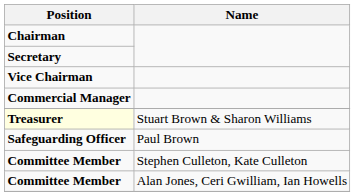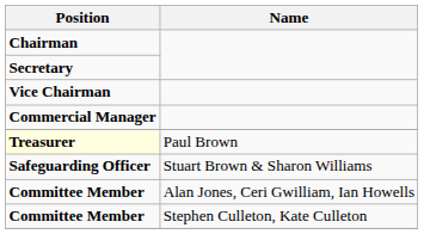 <table class="wikitable">
 <tr>
 <th>Position</th>
 <th>Name</th>
 </tr>
 <tr>
 <td><strong>Chairman</strong></td>
 </tr>
 <tr>
 <td><strong>Secretary</strong></td>
 </tr>
 <tr>
 <td><strong>Vice Chairman</strong></td>
 <td></td>
 </tr>
 <tr>
 <td><strong>Commercial Manager</strong></td>
 <td></td>
 </tr>
 <tr>
 </tr>
 <tr>
 <td style="background: lightyellow;"><strong>Treasurer</strong></td>
+<td> Paul Brown</td>
+</tr>
+<tr>
+<td><strong>Safeguarding Officer</strong></td>
 <td> Stuart Brown & Sharon Williams</td>
 </tr>
 <tr>
-<td><strong>Safeguarding Officer</strong></td>
-<td> Paul Brown</td>
+<td><strong>Committee Member</strong></td>
+<td> Alan Jones, Ceri Gwilliam, Ian Howells</td>
 </tr>
 <tr>
 <td><strong>Committee Member</strong></td>
 <td> Stephen Culleton, Kate Culleton</td>
 </tr>
 <tr>
-<td><strong>Committee Member</strong></td>
-<td> Alan Jones, Ceri Gwilliam, Ian Howells</td>
-</tr>
-<tr>
 </tr>
 </table>
